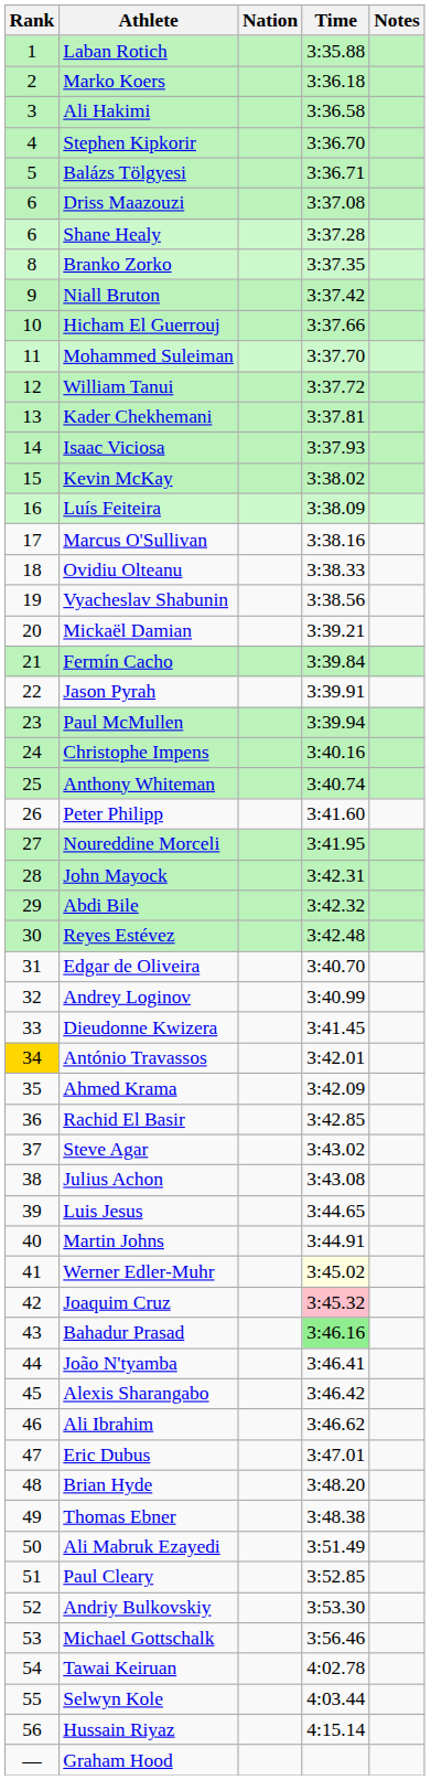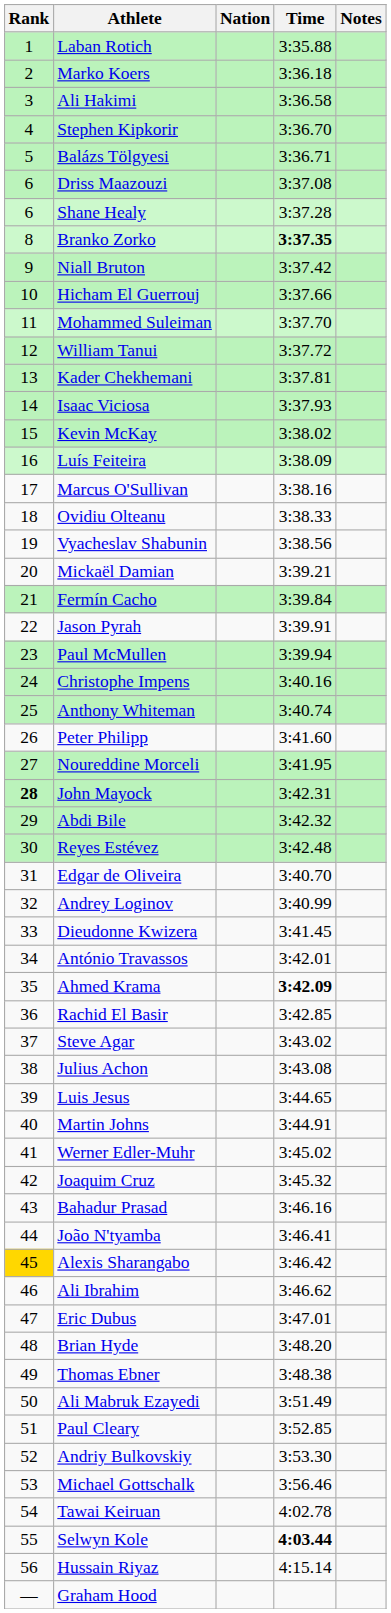 <table class="wikitable sortable" style="text-align:center">
 <tr>
 <th>Rank</th>
 <th>Athlete</th>
 <th>Nation</th>
 <th>Time</th>
 <th>Notes</th>
 </tr>
 <tr bgcolor=bbf3bb>
 <td>1</td>
 <td align=left><a href='#'>Laban Rotich</a></td>
 <td align=left></td>
 <td>3:35.88</td>
 <td></td>
 </tr>
 <tr bgcolor=bbf3bb>
 <td>2</td>
 <td align=left><a href='#'>Marko Koers</a></td>
 <td align=left></td>
 <td>3:36.18</td>
 <td></td>
 </tr>
 <tr bgcolor=bbf3bb>
 <td>3</td>
 <td align=left><a href='#'>Ali Hakimi</a></td>
 <td align=left></td>
 <td>3:36.58</td>
 <td></td>
 </tr>
 <tr bgcolor=bbf3bb>
 <td>4</td>
 <td align=left><a href='#'>Stephen Kipkorir</a></td>
 <td align=left></td>
 <td>3:36.70</td>
 <td></td>
 </tr>
 <tr bgcolor=bbf3bb>
 <td>5</td>
 <td align=left><a href='#'>Balázs Tölgyesi</a></td>
 <td align=left></td>
 <td>3:36.71</td>
 <td></td>
 </tr>
 <tr bgcolor=bbf3bb>
 <td>6</td>
 <td align=left><a href='#'>Driss Maazouzi</a></td>
 <td align=left></td>
 <td>3:37.08</td>
 <td></td>
 </tr>
 <tr bgcolor=ccf9cc>
 <td>6</td>
 <td align=left><a href='#'>Shane Healy</a></td>
 <td align=left></td>
 <td>3:37.28</td>
 <td></td>
 </tr>
 <tr bgcolor=ccf9cc>
 <td>8</td>
 <td align=left><a href='#'>Branko Zorko</a></td>
 <td align=left></td>
-<td>3:37.35</td>
+<td><strong>3:37.35</strong></td>
 <td></td>
 </tr>
 <tr bgcolor=bbf3bb>
 <td>9</td>
 <td align=left><a href='#'>Niall Bruton</a></td>
 <td align=left></td>
 <td>3:37.42</td>
 <td></td>
 </tr>
 <tr bgcolor=bbf3bb>
 <td>10</td>
 <td align=left><a href='#'>Hicham El Guerrouj</a></td>
 <td align=left></td>
 <td>3:37.66</td>
 <td></td>
 </tr>
 <tr bgcolor=ccf9cc>
 <td>11</td>
 <td align=left><a href='#'>Mohammed Suleiman</a></td>
 <td align=left></td>
 <td>3:37.70</td>
 <td></td>
 </tr>
 <tr bgcolor=bbf3bb>
 <td>12</td>
 <td align=left><a href='#'>William Tanui</a></td>
 <td align=left></td>
 <td>3:37.72</td>
 <td></td>
 </tr>
 <tr bgcolor=bbf3bb>
 <td>13</td>
 <td align=left><a href='#'>Kader Chekhemani</a></td>
 <td align=left></td>
 <td>3:37.81</td>
 <td></td>
 </tr>
 <tr bgcolor=bbf3bb>
 <td>14</td>
 <td align=left><a href='#'>Isaac Viciosa</a></td>
 <td align=left></td>
 <td>3:37.93</td>
 <td></td>
 </tr>
 <tr bgcolor=bbf3bb>
 <td>15</td>
 <td align=left><a href='#'>Kevin McKay</a></td>
 <td align=left></td>
 <td>3:38.02</td>
 <td></td>
 </tr>
 <tr bgcolor=ccf9cc>
 <td>16</td>
 <td align=left><a href='#'>Luís Feiteira</a></td>
 <td align=left></td>
 <td>3:38.09</td>
 <td></td>
 </tr>
 <tr>
 <td>17</td>
 <td align=left><a href='#'>Marcus O'Sullivan</a></td>
 <td align=left></td>
 <td>3:38.16</td>
 <td></td>
 </tr>
 <tr>
 <td>18</td>
 <td align=left><a href='#'>Ovidiu Olteanu</a></td>
 <td align=left></td>
 <td>3:38.33</td>
 <td></td>
 </tr>
 <tr>
 <td>19</td>
 <td align=left><a href='#'>Vyacheslav Shabunin</a></td>
 <td align=left></td>
 <td>3:38.56</td>
 <td></td>
 </tr>
 <tr>
 <td>20</td>
 <td align=left><a href='#'>Mickaël Damian</a></td>
 <td align=left></td>
 <td>3:39.21</td>
 <td></td>
 </tr>
 <tr bgcolor=bbf3bb>
 <td>21</td>
 <td align=left><a href='#'>Fermín Cacho</a></td>
 <td align=left></td>
 <td>3:39.84</td>
 <td></td>
 </tr>
 <tr>
 <td>22</td>
 <td align=left><a href='#'>Jason Pyrah</a></td>
 <td align=left></td>
 <td>3:39.91</td>
 <td></td>
 </tr>
 <tr bgcolor=bbf3bb>
 <td>23</td>
 <td align=left><a href='#'>Paul McMullen</a></td>
 <td align=left></td>
 <td>3:39.94</td>
 <td></td>
 </tr>
 <tr bgcolor=bbf3bb>
 <td>24</td>
 <td align=left><a href='#'>Christophe Impens</a></td>
 <td align=left></td>
 <td>3:40.16</td>
 <td></td>
 </tr>
 <tr bgcolor=bbf3bb>
 <td>25</td>
 <td align=left><a href='#'>Anthony Whiteman</a></td>
 <td align=left></td>
 <td>3:40.74</td>
 <td></td>
 </tr>
 <tr>
 <td>26</td>
 <td align=left><a href='#'>Peter Philipp</a></td>
 <td align=left></td>
 <td>3:41.60</td>
 <td></td>
 </tr>
 <tr bgcolor=bbf3bb>
 <td>27</td>
 <td align=left><a href='#'>Noureddine Morceli</a></td>
 <td align=left></td>
 <td>3:41.95</td>
 <td></td>
 </tr>
 <tr bgcolor=bbf3bb>
-<td>28</td>
+<td><strong>28</strong></td>
 <td align=left><a href='#'>John Mayock</a></td>
 <td align=left></td>
 <td>3:42.31</td>
 <td></td>
 </tr>
 <tr bgcolor=bbf3bb>
 <td>29</td>
 <td align=left><a href='#'>Abdi Bile</a></td>
 <td align=left></td>
 <td>3:42.32</td>
 <td></td>
 </tr>
 <tr bgcolor=bbf3bb>
 <td>30</td>
 <td align=left><a href='#'>Reyes Estévez</a></td>
 <td align=left></td>
 <td>3:42.48</td>
 <td></td>
 </tr>
 <tr>
 <td>31</td>
 <td align=left><a href='#'>Edgar de Oliveira</a></td>
 <td align=left></td>
 <td>3:40.70</td>
 <td></td>
 </tr>
 <tr>
 <td>32</td>
 <td align=left><a href='#'>Andrey Loginov</a></td>
 <td align=left></td>
 <td>3:40.99</td>
 <td></td>
 </tr>
 <tr>
 <td>33</td>
 <td align=left><a href='#'>Dieudonne Kwizera</a></td>
 <td align=left></td>
 <td>3:41.45</td>
 <td></td>
 </tr>
 <tr>
-<td style="background: gold;">34</td>
+<td>34</td>
 <td align=left><a href='#'>António Travassos</a></td>
 <td align=left></td>
 <td>3:42.01</td>
 <td></td>
 </tr>
 <tr>
 <td>35</td>
 <td align=left><a href='#'>Ahmed Krama</a></td>
 <td align=left></td>
-<td>3:42.09</td>
+<td><strong>3:42.09</strong></td>
 <td></td>
 </tr>
 <tr>
 <td>36</td>
 <td align=left><a href='#'>Rachid El Basir</a></td>
 <td align=left></td>
 <td>3:42.85</td>
 <td></td>
 </tr>
 <tr>
 <td>37</td>
 <td align=left><a href='#'>Steve Agar</a></td>
 <td align=left></td>
 <td>3:43.02</td>
 <td></td>
 </tr>
 <tr>
 <td>38</td>
 <td align=left><a href='#'>Julius Achon</a></td>
 <td align=left></td>
 <td>3:43.08</td>
 <td></td>
 </tr>
 <tr>
 <td>39</td>
 <td align=left><a href='#'>Luis Jesus</a></td>
 <td align=left></td>
 <td>3:44.65</td>
 <td></td>
 </tr>
 <tr>
 <td>40</td>
 <td align=left><a href='#'>Martin Johns</a></td>
 <td align=left></td>
 <td>3:44.91</td>
 <td></td>
 </tr>
 <tr>
 <td>41</td>
 <td align=left><a href='#'>Werner Edler-Muhr</a></td>
 <td align=left></td>
-<td style="background: lightyellow;">3:45.02</td>
+<td>3:45.02</td>
 <td></td>
 </tr>
 <tr>
 <td>42</td>
 <td align=left><a href='#'>Joaquim Cruz</a></td>
 <td align=left></td>
-<td style="background: pink;">3:45.32</td>
+<td>3:45.32</td>
 <td></td>
 </tr>
 <tr>
 <td>43</td>
 <td align=left><a href='#'>Bahadur Prasad</a></td>
 <td align=left></td>
-<td style="background: lightgreen;">3:46.16</td>
+<td>3:46.16</td>
 <td></td>
 </tr>
 <tr>
 <td>44</td>
 <td align=left><a href='#'>João N'tyamba</a></td>
 <td align=left></td>
 <td>3:46.41</td>
 <td></td>
 </tr>
 <tr>
-<td>45</td>
+<td style="background: gold;">45</td>
 <td align=left><a href='#'>Alexis Sharangabo</a></td>
 <td align=left></td>
 <td>3:46.42</td>
 <td></td>
 </tr>
 <tr>
 <td>46</td>
 <td align=left><a href='#'>Ali Ibrahim</a></td>
 <td align=left></td>
 <td>3:46.62</td>
 <td></td>
 </tr>
 <tr>
 <td>47</td>
 <td align=left><a href='#'>Eric Dubus</a></td>
 <td align=left></td>
 <td>3:47.01</td>
 <td></td>
 </tr>
 <tr>
 <td>48</td>
 <td align=left><a href='#'>Brian Hyde</a></td>
 <td align=left></td>
 <td>3:48.20</td>
 <td></td>
 </tr>
 <tr>
 <td>49</td>
 <td align=left><a href='#'>Thomas Ebner</a></td>
 <td align=left></td>
 <td>3:48.38</td>
 <td></td>
 </tr>
 <tr>
 <td>50</td>
 <td align=left><a href='#'>Ali Mabruk Ezayedi</a></td>
 <td align=left></td>
 <td>3:51.49</td>
 <td></td>
 </tr>
 <tr>
 <td>51</td>
 <td align=left><a href='#'>Paul Cleary</a></td>
 <td align=left></td>
 <td>3:52.85</td>
 <td></td>
 </tr>
 <tr>
 <td>52</td>
 <td align=left><a href='#'>Andriy Bulkovskiy</a></td>
 <td align=left></td>
 <td>3:53.30</td>
 <td></td>
 </tr>
 <tr>
 <td>53</td>
 <td align=left><a href='#'>Michael Gottschalk</a></td>
 <td align=left></td>
 <td>3:56.46</td>
 <td></td>
 </tr>
 <tr>
 <td>54</td>
 <td align=left><a href='#'>Tawai Keiruan</a></td>
 <td align=left></td>
 <td>4:02.78</td>
 <td></td>
 </tr>
 <tr>
 <td>55</td>
 <td align=left><a href='#'>Selwyn Kole</a></td>
 <td align=left></td>
-<td>4:03.44</td>
+<td><strong>4:03.44</strong></td>
 <td></td>
 </tr>
 <tr>
 <td>56</td>
 <td align=left><a href='#'>Hussain Riyaz</a></td>
 <td align=left></td>
 <td>4:15.14</td>
 <td></td>
 </tr>
 <tr>
 <td data-sort-value=57>—</td>
 <td align=left><a href='#'>Graham Hood</a></td>
 <td align=left></td>
 <td></td>
 <td></td>
 </tr>
 </table>
